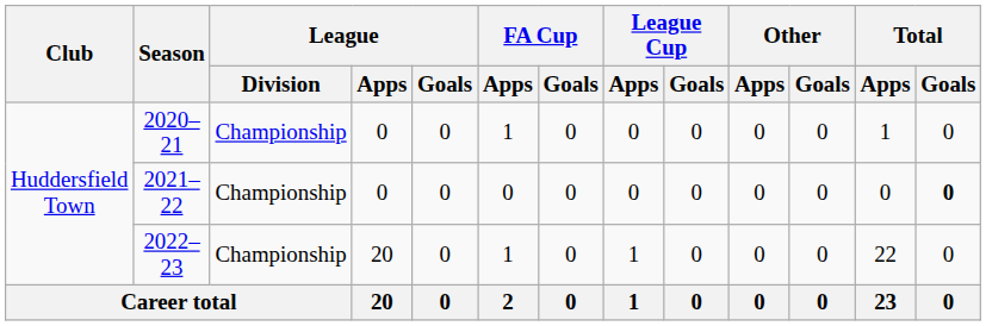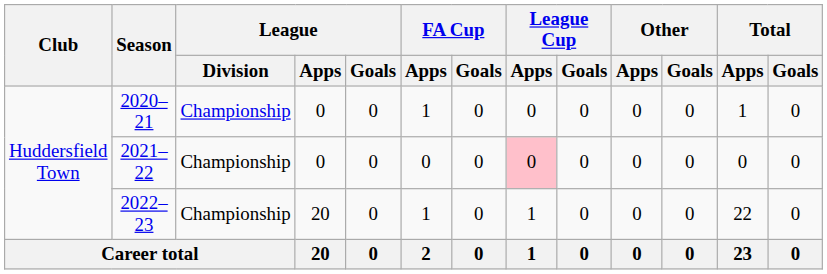 <table class=wikitable style="text-align: center">
 <tr>
 <th rowspan=2>Club</th>
 <th rowspan=2>Season</th>
 <th colspan=3>League</th>
 <th colspan=2><a href='#'>FA Cup</a></th>
 <th colspan=2><a href='#'>League Cup</a></th>
 <th colspan=2>Other</th>
 <th colspan=2>Total</th>
 </tr>
 <tr>
 <th>Division</th>
 <th>Apps</th>
 <th>Goals</th>
 <th>Apps</th>
 <th>Goals</th>
 <th>Apps</th>
 <th>Goals</th>
 <th>Apps</th>
 <th>Goals</th>
 <th>Apps</th>
 <th>Goals</th>
 </tr>
 <tr>
 <td rowspan=3><a href='#'>Huddersfield Town</a></td>
 <td><a href='#'>2020–21</a></td>
 <td><a href='#'>Championship</a></td>
 <td>0</td>
 <td>0</td>
 <td>1</td>
 <td>0</td>
 <td>0</td>
 <td>0</td>
 <td>0</td>
 <td>0</td>
 <td>1</td>
 <td>0</td>
 </tr>
 <tr>
 <td><a href='#'>2021–22</a></td>
 <td>Championship</td>
 <td>0</td>
 <td>0</td>
 <td>0</td>
 <td>0</td>
+<td style="background: pink;">0</td>
 <td>0</td>
 <td>0</td>
 <td>0</td>
 <td>0</td>
 <td>0</td>
-<td><strong>0</strong></td>
 </tr>
 <tr>
 <td><a href='#'>2022–23</a></td>
 <td>Championship</td>
 <td>20</td>
 <td>0</td>
 <td>1</td>
 <td>0</td>
 <td>1</td>
 <td>0</td>
 <td>0</td>
 <td>0</td>
 <td>22</td>
 <td>0</td>
 </tr>
 <tr>
 <th colspan=3>Career total</th>
 <th>20</th>
 <th>0</th>
 <th>2</th>
 <th>0</th>
 <th>1</th>
 <th>0</th>
 <th>0</th>
 <th>0</th>
 <th>23</th>
 <th>0</th>
 </tr>
 </table>
